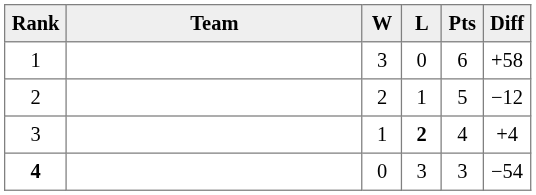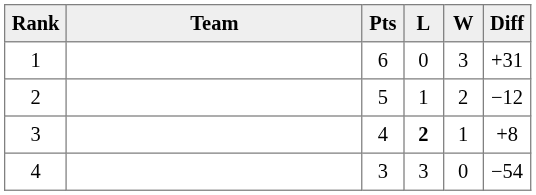 <table style=border-collapse:collapse border=1 cellspacing=0 cellpadding=5>
 <tr align=center bgcolor=#efefef>
 <th width=20>Rank</th>
 <th width=220>Team</th>
+<th width=20>Pts</th>
+<th width=20>L</th>
 <th width=20>W</th>
-<th width=20>L</th>
-<th width=20>Pts</th>
 <th width=25>Diff</th>
 </tr>
 <tr align=center>
 <td>1</td>
 <td align=left></td>
+<td>6</td>
+<td>0</td>
 <td>3</td>
-<td>0</td>
-<td>6</td>
-<td>+58</td>
+<td>+31</td>
 </tr>
 <tr align=center>
 <td>2</td>
 <td align=left></td>
+<td>5</td>
+<td>1</td>
 <td>2</td>
-<td>1</td>
-<td>5</td>
 <td>−12</td>
 </tr>
 <tr align=center>
 <td>3</td>
 <td align=left></td>
+<td>4</td>
+<td><strong>2</strong></td>
 <td>1</td>
-<td><strong>2</strong></td>
-<td>4</td>
-<td>+4</td>
+<td>+8</td>
 </tr>
 <tr align=center>
-<td><strong>4</strong></td>
+<td>4</td>
 <td align=left></td>
-<td>0</td>
 <td>3</td>
 <td>3</td>
+<td>0</td>
 <td>−54</td>
 </tr>
 </table>
